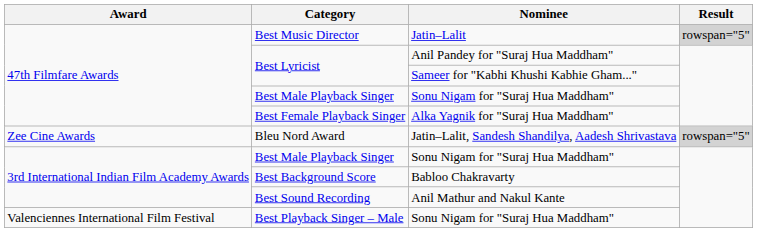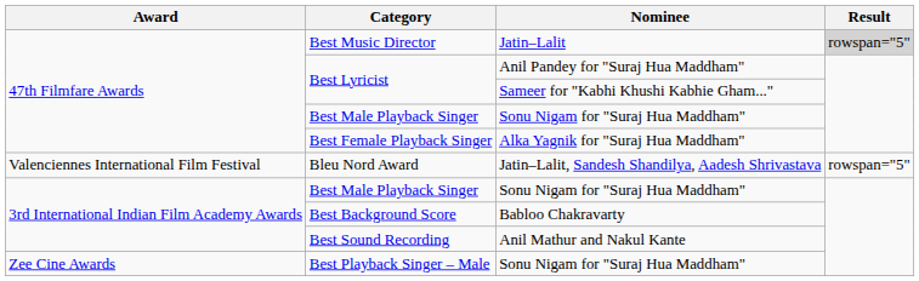 <table class="wikitable">
 <tr>
 <th>Award</th>
 <th>Category</th>
 <th>Nominee</th>
 <th>Result</th>
 </tr>
 <tr>
 <td rowspan="5"><a href='#'>47th Filmfare Awards</a></td>
 <td><a href='#'>Best Music Director</a></td>
 <td><a href='#'>Jatin–Lalit</a></td>
 <td style="background: lightgrey;">rowspan="5" </td>
 </tr>
 <tr>
 <td rowspan="2"><a href='#'>Best Lyricist</a></td>
 <td>Anil Pandey for "Suraj Hua Maddham"</td>
 </tr>
 <tr>
 <td><a href='#'>Sameer</a> for "Kabhi Khushi Kabhie Gham..."</td>
 </tr>
 <tr>
 <td><a href='#'>Best Male Playback Singer</a></td>
 <td><a href='#'>Sonu Nigam</a> for "Suraj Hua Maddham"</td>
 </tr>
 <tr>
 <td><a href='#'>Best Female Playback Singer</a></td>
 <td><a href='#'>Alka Yagnik</a> for "Suraj Hua Maddham"</td>
 </tr>
 <tr>
-<td><a href='#'>Zee Cine Awards</a></td>
+<td>Valenciennes International Film Festival</td>
 <td>Bleu Nord Award</td>
 <td>Jatin–Lalit, <a href='#'>Sandesh Shandilya</a>, <a href='#'>Aadesh Shrivastava</a></td>
-<td style="background: lightgrey;">rowspan="5" </td>
+<td>rowspan="5" </td>
 </tr>
 <tr>
 <td rowspan="3"><a href='#'>3rd International Indian Film Academy Awards</a></td>
 <td><a href='#'>Best Male Playback Singer</a></td>
 <td>Sonu Nigam for "Suraj Hua Maddham"</td>
 </tr>
 <tr>
 <td><a href='#'>Best Background Score</a></td>
 <td>Babloo Chakravarty</td>
 </tr>
 <tr>
 <td><a href='#'>Best Sound Recording</a></td>
 <td>Anil Mathur and Nakul Kante</td>
 </tr>
 <tr>
-<td>Valenciennes International Film Festival</td>
+<td><a href='#'>Zee Cine Awards</a></td>
 <td><a href='#'>Best Playback Singer – Male</a></td>
 <td>Sonu Nigam for "Suraj Hua Maddham"</td>
 </tr>
 </table>
